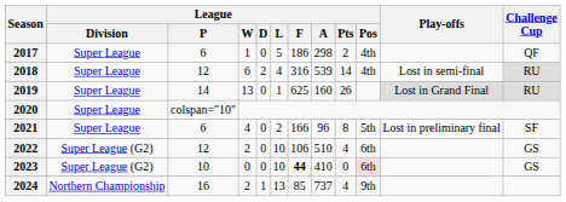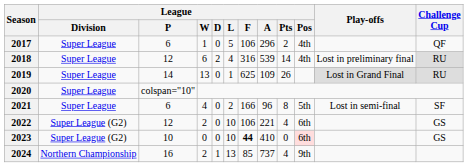 <table class="wikitable" style="text-align: center">
 <tr>
 <th rowspan="2" scope="col">Season</th>
 <th colspan="9" scope="col">League</th>
 <th rowspan="2" scope="col">Play-offs</th>
 <th rowspan="2" scope="col"><a href='#'>Challenge<br>Cup</a></th>
 </tr>
 <tr>
 <th scope="col">Division</th>
 <th scope="col">P</th>
 <th scope="col">W</th>
 <th scope="col">D</th>
 <th scope="col">L</th>
 <th scope="col">F</th>
 <th scope="col">A</th>
 <th scope="col">Pts</th>
 <th scope="col">Pos</th>
 </tr>
 <tr>
 <th scope="row">2017</th>
 <td><a href='#'>Super League</a></td>
 <td>6</td>
 <td>1</td>
 <td>0</td>
 <td>5</td>
-<td>186</td>
-<td>298</td>
+<td>106</td>
+<td>296</td>
 <td>2</td>
 <td>4th</td>
 <td></td>
 <td>QF</td>
 </tr>
 <tr>
 <th scope="row">2018</th>
 <td><a href='#'>Super League</a></td>
 <td>12</td>
 <td>6</td>
 <td>2</td>
 <td>4</td>
 <td>316</td>
 <td>539</td>
 <td>14</td>
 <td>4th</td>
-<td>Lost in semi-final</td>
+<td>Lost in preliminary final</td>
 <td style="background-color:#DDD">RU</td>
 </tr>
 <tr>
 <th scope="row">2019</th>
 <td><a href='#'>Super League</a></td>
 <td>14</td>
 <td>13</td>
 <td>0</td>
 <td>1</td>
 <td>625</td>
-<td>160</td>
+<td>109</td>
 <td>26</td>
 <td></td>
 <td style="background-color:#DDD">Lost in Grand Final</td>
 <td style="background-color:#DDD">RU</td>
 </tr>
 <tr>
 <th scope="row">2020</th>
 <td><a href='#'>Super League</a></td>
 <td>colspan="10"</td>
 </tr>
 <tr>
 <th scope="row">2021</th>
 <td><a href='#'>Super League</a></td>
 <td>6</td>
 <td>4</td>
 <td>0</td>
 <td>2</td>
 <td>166</td>
 <td>96</td>
 <td>8</td>
 <td>5th</td>
-<td>Lost in preliminary final</td>
+<td>Lost in semi-final</td>
 <td>SF</td>
 </tr>
 <tr>
 <th scope="row">2022</th>
 <td><a href='#'>Super League</a> (G2)</td>
 <td>12</td>
 <td>2</td>
 <td>0</td>
 <td>10</td>
 <td>106</td>
-<td>510</td>
+<td>221</td>
 <td>4</td>
 <td>6th</td>
 <td></td>
 <td>GS</td>
 </tr>
 <tr>
 <th scope="row">2023</th>
 <td><a href='#'>Super League</a> (G2)</td>
 <td>10</td>
 <td>0</td>
 <td>0</td>
 <td>10</td>
 <td><strong>44</strong></td>
 <td>410</td>
 <td>0</td>
 <td style="background:#ffdddd">6th</td>
 <td></td>
 <td>GS</td>
 </tr>
 <tr>
 <th>2024</th>
 <td><a href='#'>Northern Championship</a></td>
 <td>16</td>
 <td>2</td>
 <td>1</td>
 <td>13</td>
 <td>85</td>
 <td>737</td>
 <td>4</td>
 <td>9th</td>
 <td></td>
 <td></td>
 </tr>
 </table>
